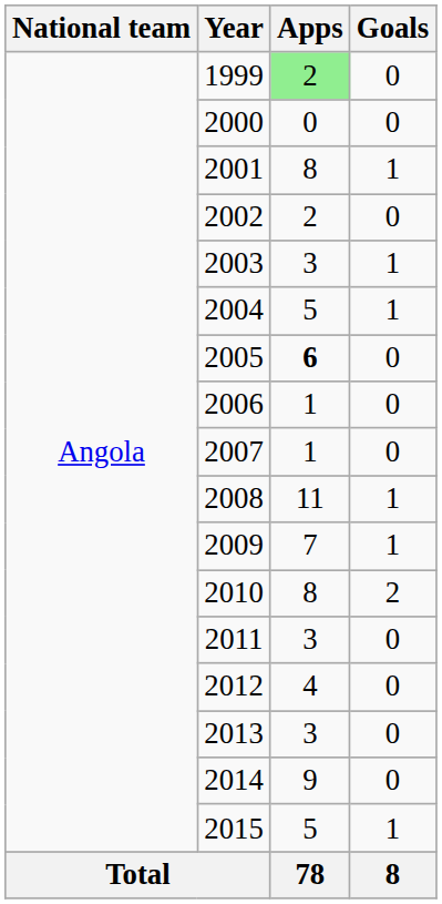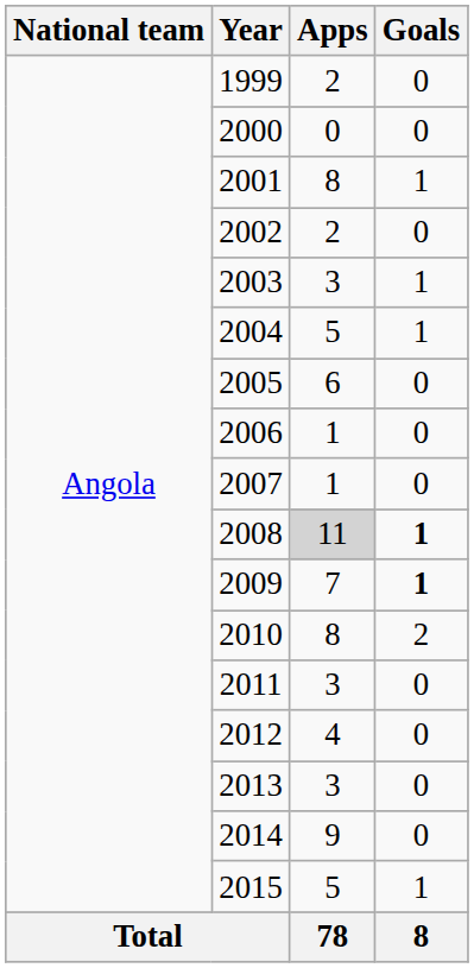 <table class="wikitable" style="text-align:center">
 <tr>
 <th>National team</th>
 <th>Year</th>
 <th>Apps</th>
 <th>Goals</th>
 </tr>
 <tr>
 <td rowspan="17"><a href='#'>Angola</a></td>
 <td>1999</td>
-<td style="background: lightgreen;">2</td>
+<td>2</td>
 <td>0</td>
 </tr>
 <tr>
 <td>2000</td>
 <td>0</td>
 <td>0</td>
 </tr>
 <tr>
 <td>2001</td>
 <td>8</td>
 <td>1</td>
 </tr>
 <tr>
 <td>2002</td>
 <td>2</td>
 <td>0</td>
 </tr>
 <tr>
 <td>2003</td>
 <td>3</td>
 <td>1</td>
 </tr>
 <tr>
 <td>2004</td>
 <td>5</td>
 <td>1</td>
 </tr>
 <tr>
 <td>2005</td>
-<td><strong>6</strong></td>
+<td>6</td>
 <td>0</td>
 </tr>
 <tr>
 <td>2006</td>
 <td>1</td>
 <td>0</td>
 </tr>
 <tr>
 <td>2007</td>
 <td>1</td>
 <td>0</td>
 </tr>
 <tr>
 <td>2008</td>
-<td>11</td>
-<td>1</td>
+<td style="background: lightgrey;">11</td>
+<td><strong>1</strong></td>
 </tr>
 <tr>
 <td>2009</td>
 <td>7</td>
-<td>1</td>
+<td><strong>1</strong></td>
 </tr>
 <tr>
 <td>2010</td>
 <td>8</td>
 <td>2</td>
 </tr>
 <tr>
 <td>2011</td>
 <td>3</td>
 <td>0</td>
 </tr>
 <tr>
 <td>2012</td>
 <td>4</td>
 <td>0</td>
 </tr>
 <tr>
 <td>2013</td>
 <td>3</td>
 <td>0</td>
 </tr>
 <tr>
 <td>2014</td>
 <td>9</td>
 <td>0</td>
 </tr>
 <tr>
 <td>2015</td>
 <td>5</td>
 <td>1</td>
 </tr>
 <tr>
 <th colspan="2">Total</th>
 <th>78</th>
 <th>8</th>
 </tr>
 </table>
